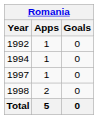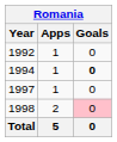 <table class="wikitable" style="text-align:center">
 <tr>
 <th colspan=3><a href='#'>Romania</a></th>
 </tr>
 <tr>
 <th>Year</th>
 <th>Apps</th>
 <th>Goals</th>
 </tr>
 <tr>
 <td>1992</td>
 <td>1</td>
 <td>0</td>
 </tr>
 <tr>
 <td>1994</td>
 <td>1</td>
-<td>0</td>
+<td><strong>0</strong></td>
 </tr>
 <tr>
 <td>1997</td>
 <td>1</td>
 <td>0</td>
 </tr>
 <tr>
 <td>1998</td>
 <td>2</td>
-<td>0</td>
+<td style="background: pink;">0</td>
 </tr>
 <tr>
 <th>Total</th>
 <th>5</th>
 <th>0</th>
 </tr>
 </table>
